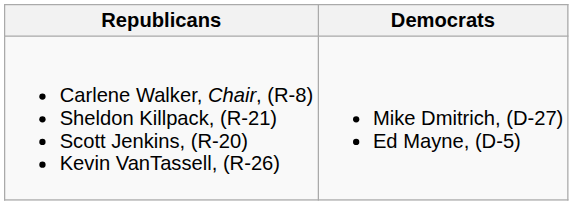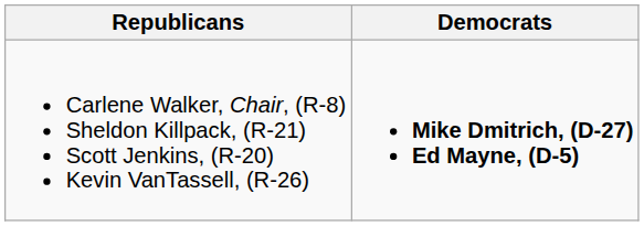 <table class=wikitable>
 <tr>
 <th>Republicans</th>
 <th>Democrats</th>
 </tr>
 <tr>
 <td><br><ul><li>Carlene Walker, <em>Chair</em>, (R-8)</li><li>Sheldon Killpack, (R-21)</li><li>Scott Jenkins, (R-20)</li><li>Kevin VanTassell, (R-26)</li></ul></td>
-<td><br><ul><li>Mike Dmitrich, (D-27)</li><li>Ed Mayne, (D-5)</li></ul></td>
+<td><strong><br><ul><li>Mike Dmitrich, (D-27)</li><li>Ed Mayne, (D-5)</li></ul></strong></td>
 </tr>
 </table>
